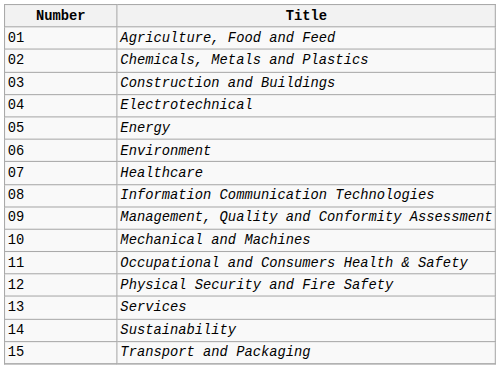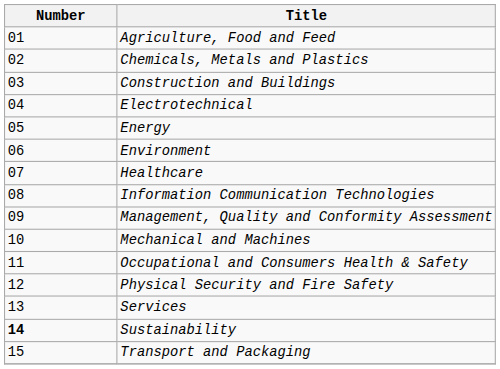 <table class="wikitable">
 <tr>
 <th scope="col" width="100px">Number</th>
 <th>Title</th>
 </tr>
 <tr>
 <td>01</td>
 <td><em>Agriculture, Food and Feed</em></td>
 </tr>
 <tr>
 <td>02</td>
 <td><em>Chemicals, Metals and Plastics</em></td>
 </tr>
 <tr>
 <td>03</td>
 <td><em>Construction and Buildings</em></td>
 </tr>
 <tr>
 <td>04</td>
 <td><em>Electrotechnical</em></td>
 </tr>
 <tr>
 <td>05</td>
 <td><em>Energy</em></td>
 </tr>
 <tr>
 <td>06</td>
 <td><em>Environment</em></td>
 </tr>
 <tr>
 <td>07</td>
 <td><em>Healthcare</em></td>
 </tr>
 <tr>
 <td>08</td>
 <td><em>Information Communication Technologies</em></td>
 </tr>
 <tr>
 <td>09</td>
 <td><em>Management, Quality and Conformity Assessment</em></td>
 </tr>
 <tr>
 <td>10</td>
 <td><em>Mechanical and Machines</em></td>
 </tr>
 <tr>
 <td>11</td>
 <td><em>Occupational and Consumers Health & Safety </em></td>
 </tr>
 <tr>
 <td>12</td>
 <td><em>Physical Security and Fire Safety</em></td>
 </tr>
 <tr>
 <td>13</td>
 <td><em>Services</em></td>
 </tr>
 <tr>
-<td>14</td>
+<td><strong>14</strong></td>
 <td><em>Sustainability</em></td>
 </tr>
 <tr>
 <td>15</td>
 <td><em>Transport and Packaging</em></td>
 </tr>
 <tr>
 </tr>
 </table>
